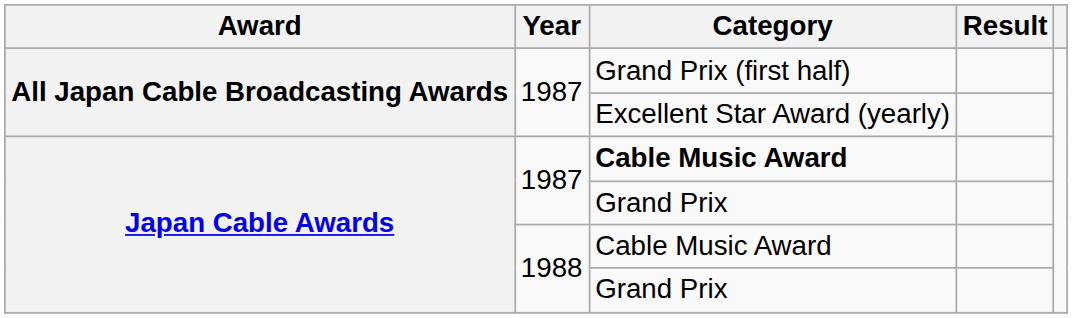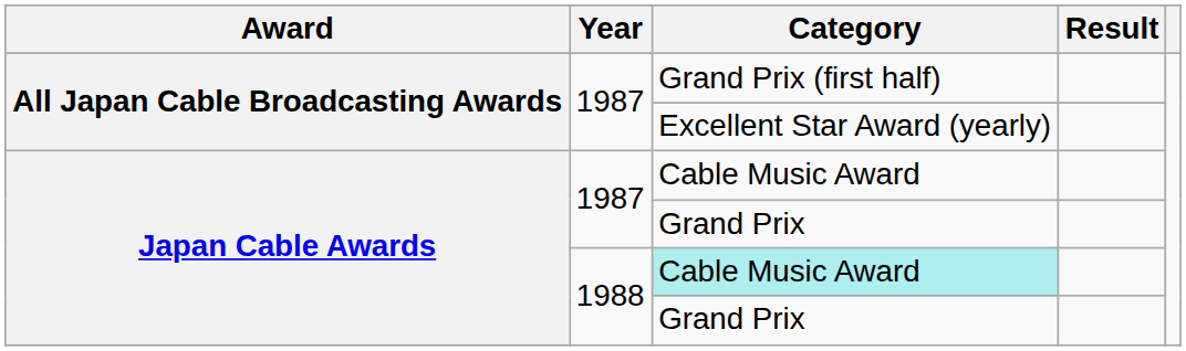 <table class="wikitable plainrowheaders sortable">
 <tr>
 <th>Award</th>
 <th>Year</th>
 <th>Category</th>
 <th>Result</th>
 <th class="unsortable"></th>
 </tr>
 <tr>
 <th scope="row" rowspan="2">All Japan Cable Broadcasting Awards</th>
 <td rowspan="2" align="center">1987</td>
 <td>Grand Prix (first half)</td>
 <td></td>
 <td rowspan="6" align="center"></td>
 </tr>
 <tr>
 <td>Excellent Star Award (yearly)</td>
 <td></td>
 </tr>
 <tr>
 <th scope="row" rowspan="4"><a href='#'>Japan Cable Awards</a></th>
 <td rowspan="2" align="center">1987</td>
-<td><strong>Cable Music Award</strong></td>
+<td>Cable Music Award</td>
 <td></td>
 </tr>
 <tr>
 <td>Grand Prix</td>
 <td></td>
 </tr>
 <tr>
 <td rowspan="2" align="center">1988</td>
-<td>Cable Music Award</td>
+<td style="background: paleturquoise;">Cable Music Award</td>
 <td></td>
 </tr>
 <tr>
 <td>Grand Prix</td>
 <td></td>
 </tr>
 </table>
